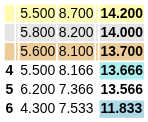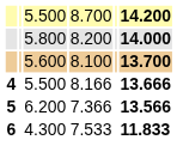 <table>
 <tr style="background:#fffcaf;">
 <th scope=row style="text-align:center"></th>
 <td style="text-align:left;"></td>
 <td>5.500</td>
 <td>8.700</td>
 <td></td>
 <td><strong>14.200</strong></td>
 </tr>
 <tr style="background:#e5e5e5;">
 <th scope=row style="text-align:center"></th>
 <td style="text-align:left;"></td>
 <td>5.800</td>
 <td>8.200</td>
 <td></td>
 <td><strong>14.000</strong></td>
 </tr>
 <tr style="background:#ec9;">
 <th scope=row style="text-align:center"></th>
 <td style="text-align:left;"></td>
 <td>5.600</td>
 <td>8.100</td>
 <td></td>
 <td><strong>13.700</strong></td>
 </tr>
 <tr>
 <th scope=row style="text-align:center">4</th>
 <td style="text-align:left;"></td>
 <td>5.500</td>
 <td>8.166</td>
 <td></td>
-<td style="background: paleturquoise;"><strong>13.666</strong></td>
+<td><strong>13.666</strong></td>
 </tr>
 <tr>
 <th scope=row style="text-align:center">5</th>
 <td style="text-align:left;"></td>
 <td>6.200</td>
 <td>7.366</td>
 <td></td>
 <td><strong>13.566</strong></td>
 </tr>
 <tr>
 <th scope=row style="text-align:center">6</th>
 <td style="text-align:left;"></td>
 <td>4.300</td>
 <td>7.533</td>
 <td></td>
-<td style="background: lightblue;"><strong>11.833</strong></td>
+<td><strong>11.833</strong></td>
 </tr>
 </table>
